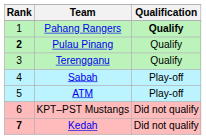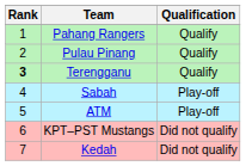 <table class="wikitable" style="text-align:center">
 <tr>
 </tr>
 <tr>
 <th>Rank</th>
 <th>Team</th>
 <th>Qualification</th>
 </tr>
 <tr>
 </tr>
 <tr bgcolor=#BBF3BB>
 <td>1</td>
 <td><a href='#'>Pahang Rangers</a></td>
-<td><strong>Qualify</strong></td>
+<td>Qualify</td>
 </tr>
 <tr bgcolor=#BBF3BB>
-<td><strong>2</strong></td>
+<td>2</td>
 <td><a href='#'>Pulau Pinang</a></td>
 <td>Qualify</td>
 </tr>
 <tr bgcolor=#BBF3BB>
-<td>3</td>
+<td><strong>3</strong></td>
 <td><a href='#'>Terengganu</a></td>
 <td>Qualify</td>
 </tr>
 <tr bgcolor=#BBF3FF>
 <td>4</td>
 <td><a href='#'>Sabah</a></td>
 <td>Play-off</td>
 </tr>
 <tr bgcolor=#BBF3FF>
 <td>5</td>
 <td><a href='#'>ATM</a></td>
 <td>Play-off</td>
 </tr>
 <tr bgcolor=#FFBBBB>
 <td>6</td>
 <td>KPT–PST Mustangs</td>
 <td>Did not qualify</td>
 </tr>
 <tr bgcolor=#FFBBBB>
-<td><strong>7</strong></td>
+<td>7</td>
 <td><a href='#'>Kedah</a></td>
 <td>Did not qualify</td>
 </tr>
 </table>
